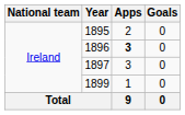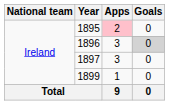 <table class=wikitable style="text-align: center">
 <tr>
 <th>National team</th>
 <th>Year</th>
 <th>Apps</th>
 <th>Goals</th>
 </tr>
 <tr>
 <td rowspan=4><a href='#'>Ireland</a></td>
 <td>1895</td>
-<td>2</td>
+<td style="background: pink;">2</td>
 <td>0</td>
 </tr>
 <tr>
 <td>1896</td>
-<td><strong>3</strong></td>
-<td>0</td>
+<td>3</td>
+<td style="background: lightgrey;">0</td>
 </tr>
 <tr>
 <td>1897</td>
 <td>3</td>
 <td>0</td>
 </tr>
 <tr>
 <td>1899</td>
 <td>1</td>
 <td>0</td>
 </tr>
 <tr>
 <th colspan=2>Total</th>
 <th>9</th>
 <th>0</th>
 </tr>
 </table>
